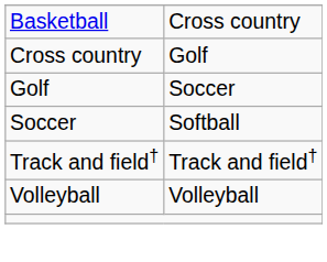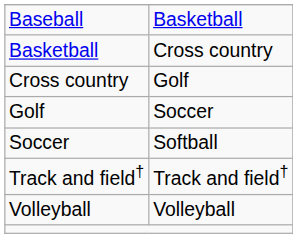 <table class="wikitable" style="float:right; clear:right; margin:0 0 1em 1em;">
 <tr>
+</tr>
+<tr>
+<td><a href='#'>Baseball</a></td>
+<td><a href='#'>Basketball</a></td>
 </tr>
 <tr>
 <td><a href='#'>Basketball</a></td>
 <td>Cross country</td>
 </tr>
 <tr>
 <td>Cross country</td>
 <td>Golf</td>
 </tr>
 <tr>
 <td>Golf</td>
 <td>Soccer</td>
 </tr>
 <tr>
 <td>Soccer</td>
 <td>Softball</td>
 </tr>
 <tr>
 <td>Track and field<sup>†</sup></td>
 <td>Track and field<sup>†</sup></td>
 </tr>
 <tr>
 <td>Volleyball</td>
 <td>Volleyball</td>
 </tr>
 <tr>
 <td colspan="2"></td>
 </tr>
 </table>
